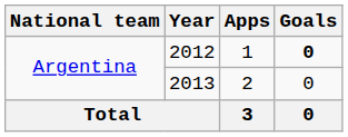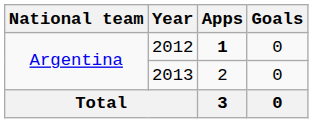 <table class="wikitable" style="text-align:center">
 <tr>
 <th>National team</th>
 <th>Year</th>
 <th>Apps</th>
 <th>Goals</th>
 </tr>
 <tr>
 <td rowspan="2"><a href='#'>Argentina</a></td>
 <td>2012</td>
-<td>1</td>
-<td><strong>0</strong></td>
+<td><strong>1</strong></td>
+<td>0</td>
 </tr>
 <tr>
 <td>2013</td>
 <td>2</td>
 <td>0</td>
 </tr>
 <tr>
 <th colspan="2">Total</th>
 <th>3</th>
 <th>0</th>
 </tr>
 </table>
